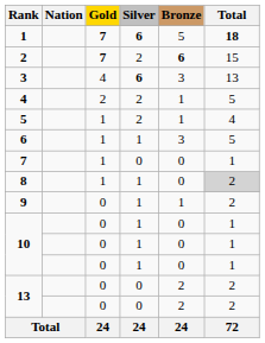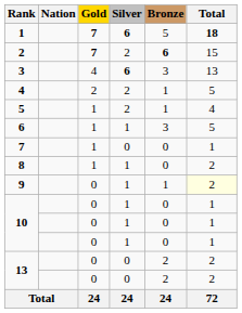 <table class="wikitable collapsible autocollapse plainrowheaders" style="text-align:center;">
 <tr style="background-color:#EDEDED;">
 <th class="hintergrundfarbe5">Rank</th>
 <th class="hintergrundfarbe6">Nation</th>
 <th style="background:    gold;">Gold</th>
 <th style="background:  silver;width=60px">Silver</th>
 <th style="background: #CC9966; width=60px">Bronze</th>
 <th class="hintergrundfarbe6" style="width:60px">Total</th>
 </tr>
 <tr>
 <td><strong>1</strong></td>
 <td align=left></td>
 <td><strong>7</strong></td>
 <td><strong>6</strong></td>
 <td>5</td>
 <td><strong>18</strong></td>
 </tr>
 <tr>
 <td><strong>2</strong></td>
 <td align=left></td>
 <td><strong>7</strong></td>
 <td>2</td>
 <td><strong>6</strong></td>
 <td>15</td>
 </tr>
 <tr>
 <td><strong>3</strong></td>
 <td align=left></td>
 <td>4</td>
 <td><strong>6</strong></td>
 <td>3</td>
 <td>13</td>
 </tr>
 <tr>
 <td><strong>4</strong></td>
 <td align=left></td>
 <td>2</td>
 <td>2</td>
 <td>1</td>
 <td>5</td>
 </tr>
 <tr>
 <td><strong>5</strong></td>
 <td align=left></td>
 <td>1</td>
 <td>2</td>
 <td>1</td>
 <td>4</td>
 </tr>
 <tr>
 <td><strong>6</strong></td>
 <td align=left><em></em></td>
 <td>1</td>
 <td>1</td>
 <td>3</td>
 <td>5</td>
 </tr>
 <tr>
 <td><strong>7</strong></td>
 <td align=left></td>
 <td>1</td>
 <td>0</td>
 <td>0</td>
 <td>1</td>
 </tr>
 <tr>
 <td><strong>8</strong></td>
 <td align=left><em></em></td>
 <td>1</td>
 <td>1</td>
 <td>0</td>
-<td style="background: lightgrey;">2</td>
+<td>2</td>
 </tr>
 <tr>
 <td><strong>9</strong></td>
 <td align=left><em></em></td>
 <td>0</td>
 <td>1</td>
 <td>1</td>
-<td>2</td>
+<td style="background: lightyellow;">2</td>
 </tr>
 <tr>
 <td rowspan=3><strong>10</strong></td>
 <td align=left><em></em></td>
 <td>0</td>
 <td>1</td>
 <td>0</td>
 <td>1</td>
 </tr>
 <tr>
 <td align=left></td>
 <td>0</td>
 <td>1</td>
 <td>0</td>
 <td>1</td>
 </tr>
 <tr>
 <td align=left></td>
 <td>0</td>
 <td>1</td>
 <td>0</td>
 <td>1</td>
 </tr>
 <tr>
 <td rowspan=2><strong>13</strong></td>
 <td align=left></td>
 <td>0</td>
 <td>0</td>
 <td>2</td>
 <td>2</td>
 </tr>
 <tr>
 <td align=left></td>
 <td>0</td>
 <td>0</td>
 <td>2</td>
 <td>2</td>
 </tr>
 <tr>
 <th colspan=2>Total</th>
 <th>24</th>
 <th>24</th>
 <th>24</th>
 <th>72</th>
 </tr>
 </table>
